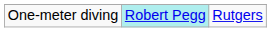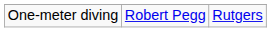 <table class="wikitable sortable" style="text-align:center">
 <tr>
 </tr>
 <tr>
 <td>One-meter diving</td>
-<td style="background: paleturquoise;"><a href='#'>Robert Pegg</a></td>
+<td><a href='#'>Robert Pegg</a></td>
 <td><a href='#'>Rutgers</a></td>
 </tr>
 </table>
